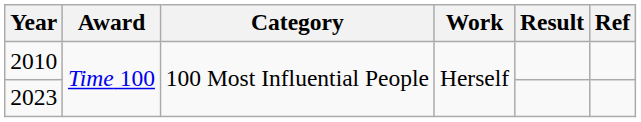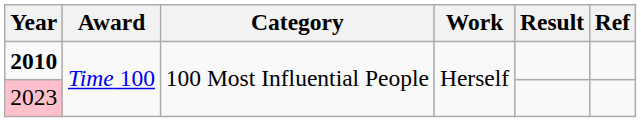 <table class="wikitable">
 <tr>
 <th>Year</th>
 <th>Award</th>
 <th>Category</th>
 <th>Work</th>
 <th>Result</th>
 <th>Ref</th>
 </tr>
 <tr>
-<td>2010</td>
+<td><strong>2010</strong></td>
 <td rowspan="2"><a href='#'><em>Time</em> 100</a></td>
 <td rowspan="2">100 Most Influential People</td>
 <td rowspan="2">Herself</td>
 <td></td>
 <td></td>
 </tr>
 <tr>
-<td>2023</td>
+<td style="background: pink;">2023</td>
 <td></td>
 <td></td>
 </tr>
 </table>
